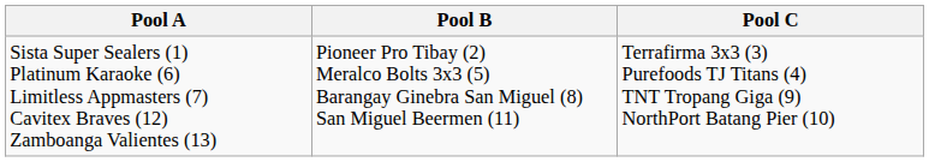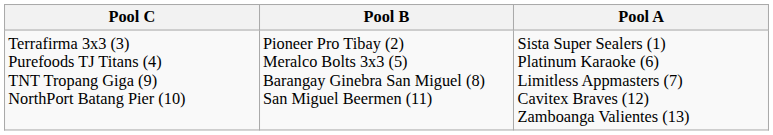 <table class=wikitable width=750>
 <tr>
+<th width=33%>Pool C</th>
+<th width=33%>Pool B</th>
 <th width=33%>Pool A</th>
-<th width=33%>Pool B</th>
-<th width=33%>Pool C</th>
 </tr>
 <tr valign=top>
+<td>Terrafirma 3x3 (3) <br> Purefoods TJ Titans (4) <br> TNT Tropang Giga (9) <br> NorthPort Batang Pier (10)</td>
+<td>Pioneer Pro Tibay (2) <br> Meralco Bolts 3x3 (5) <br> Barangay Ginebra San Miguel (8) <br> San Miguel Beermen (11)</td>
 <td>Sista Super Sealers (1) <br> Platinum Karaoke (6) <br> Limitless Appmasters (7) <br> Cavitex Braves (12) <br> Zamboanga Valientes (13)</td>
-<td>Pioneer Pro Tibay (2) <br> Meralco Bolts 3x3 (5) <br> Barangay Ginebra San Miguel (8) <br> San Miguel Beermen (11)</td>
-<td>Terrafirma 3x3 (3) <br> Purefoods TJ Titans (4) <br> TNT Tropang Giga (9) <br> NorthPort Batang Pier (10)</td>
 </tr>
 </table>
